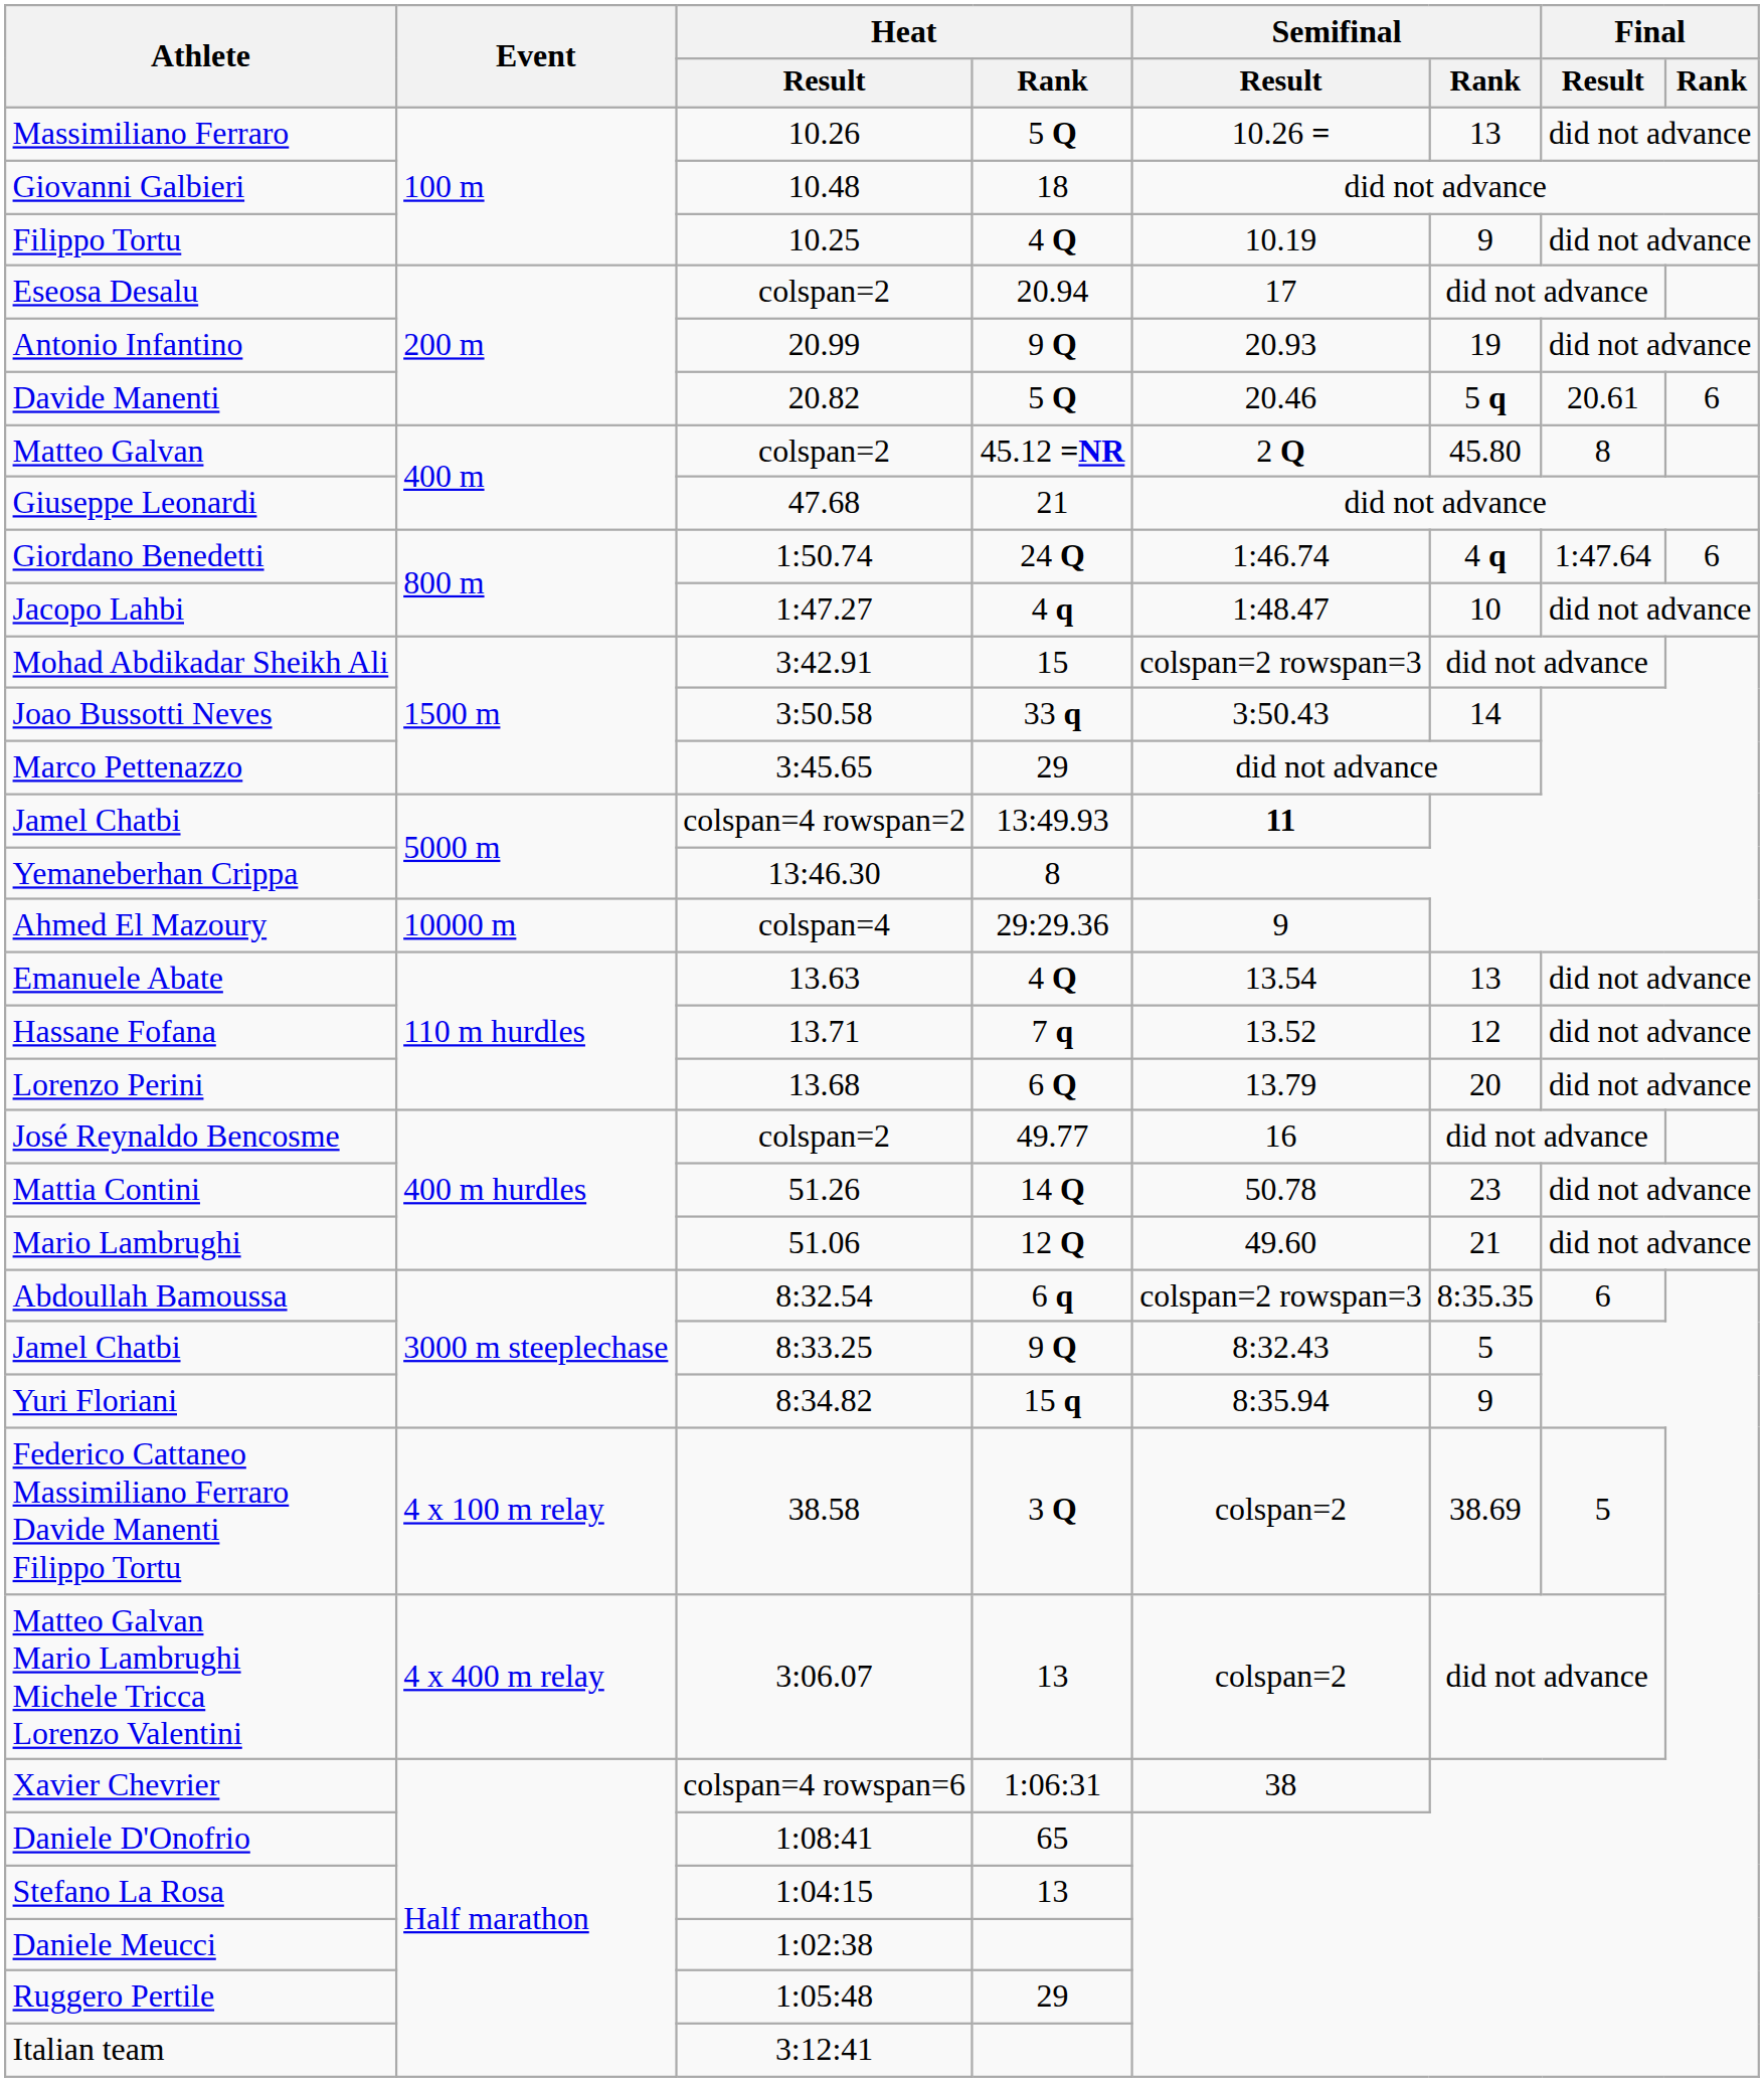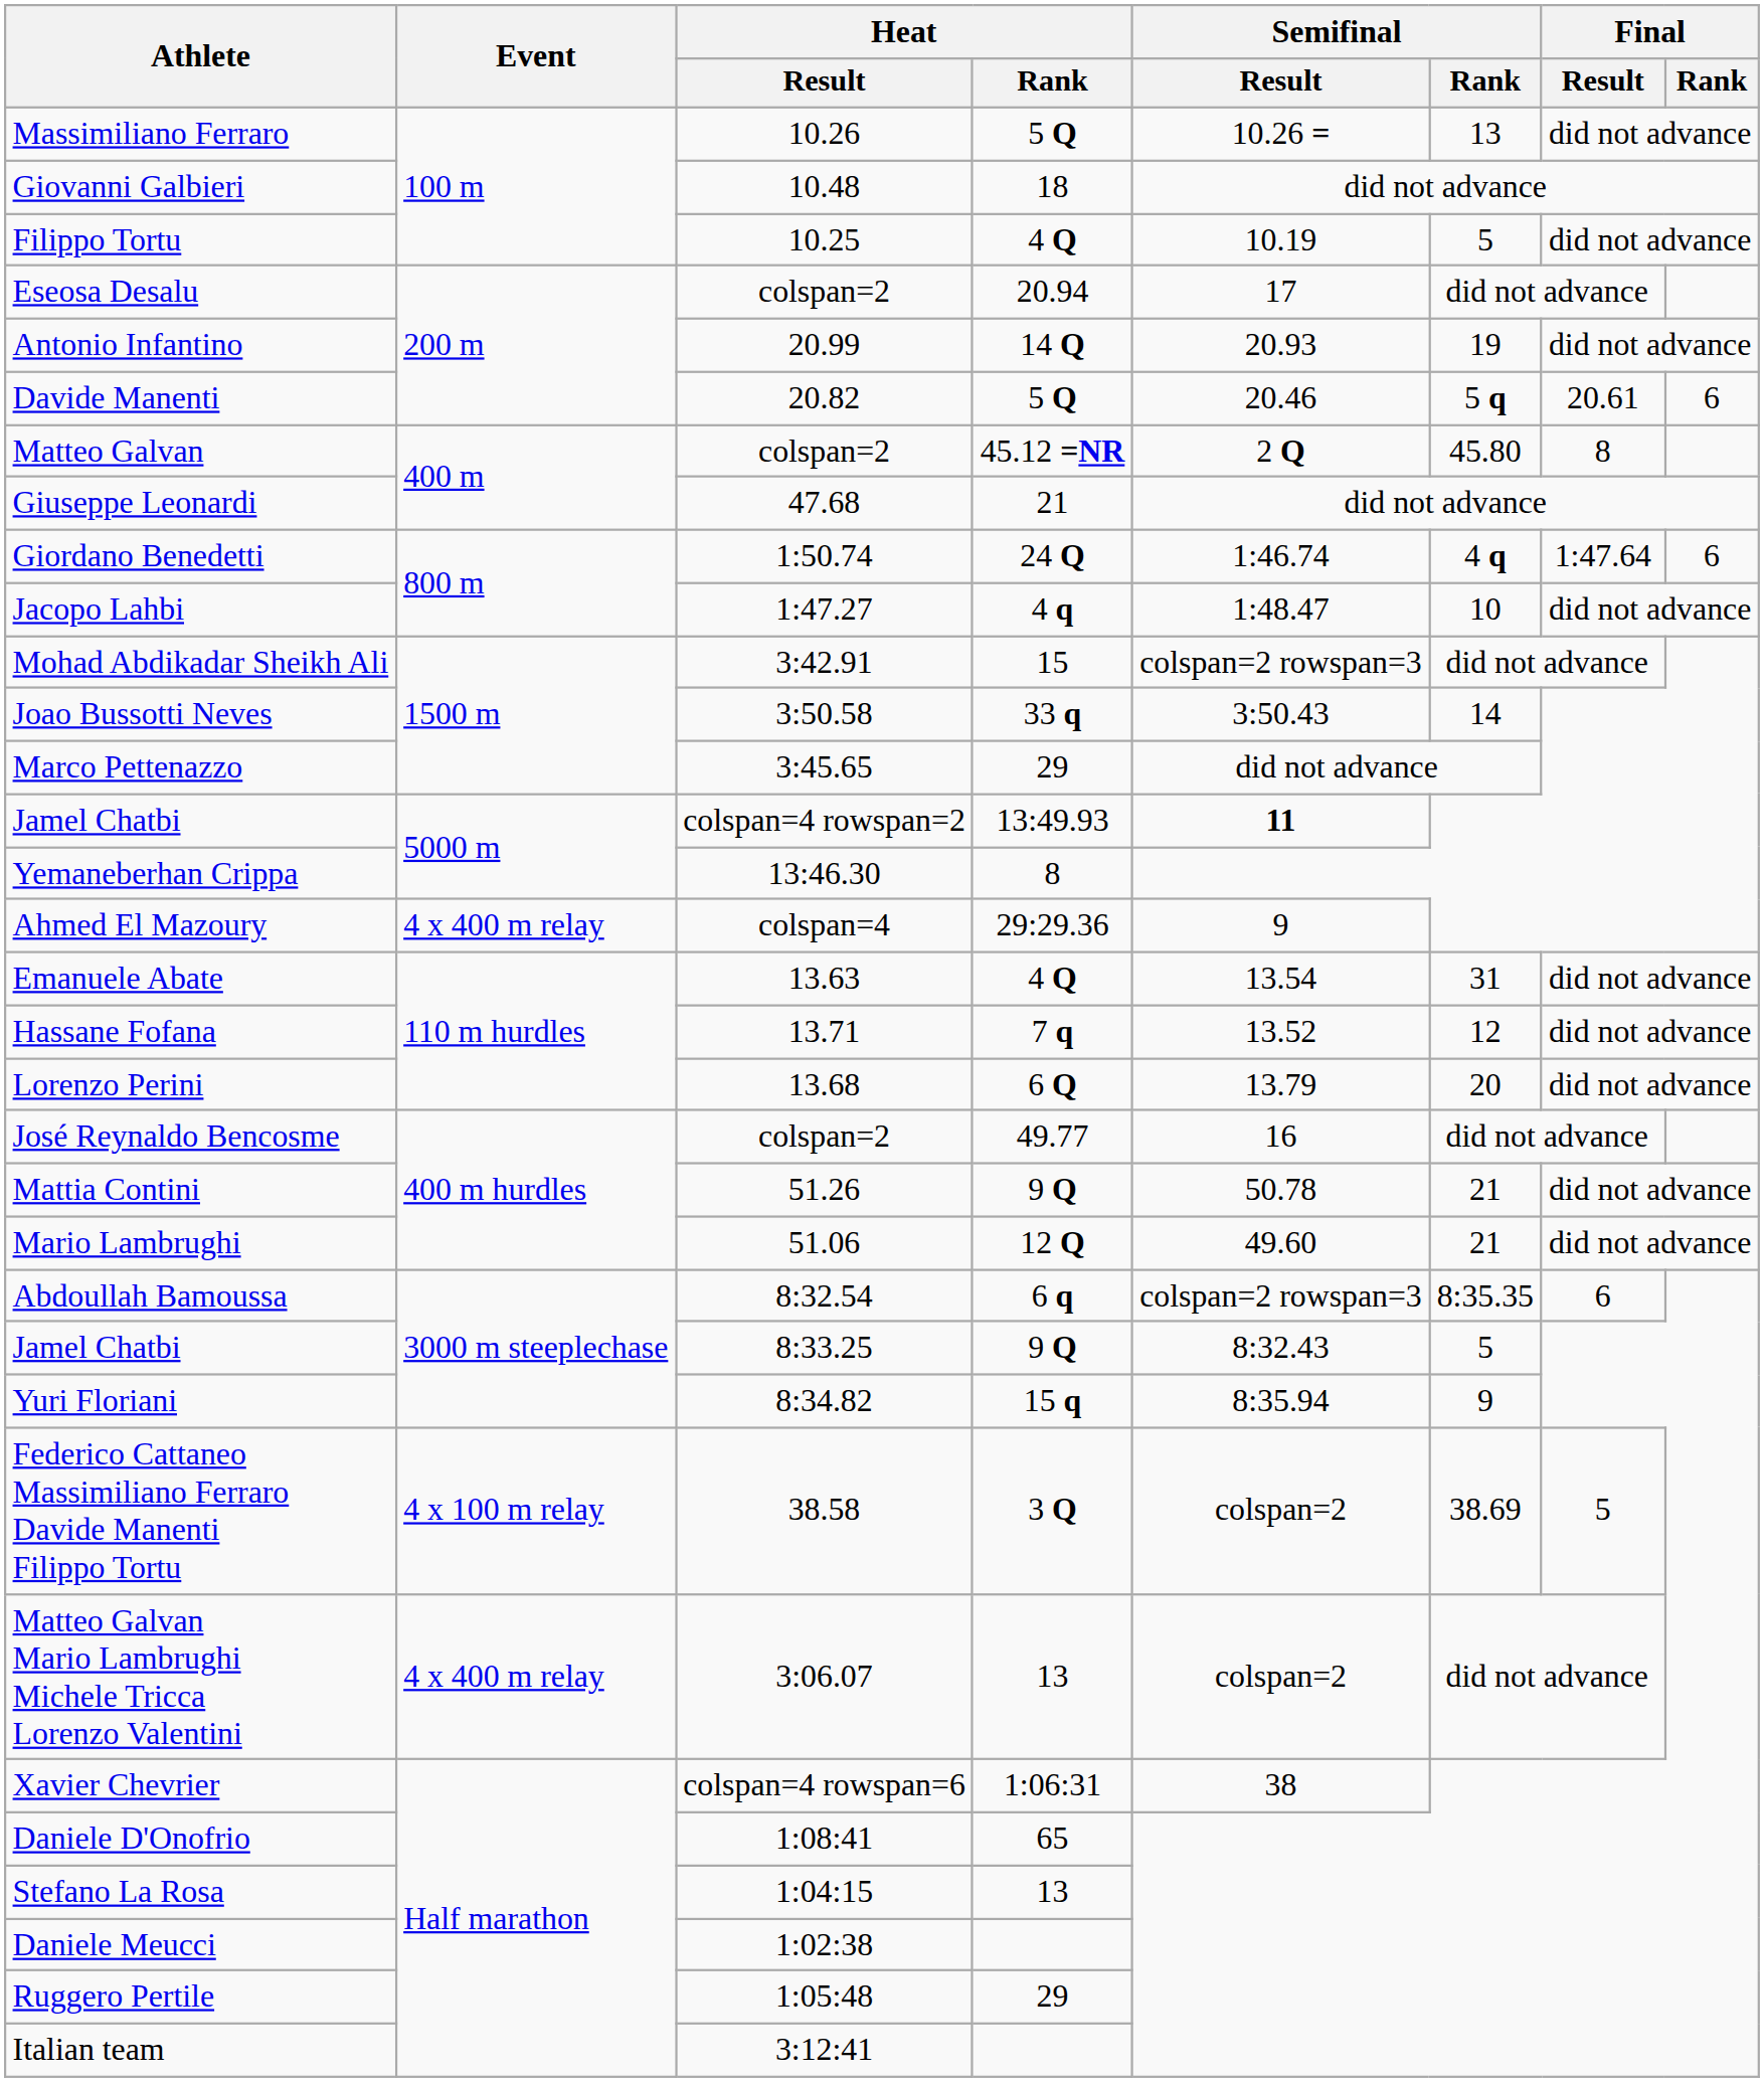 <table class="wikitable" style="font-size:90%">
 <tr>
 <th rowspan=2>Athlete</th>
 <th rowspan=2>Event</th>
 <th colspan=2>Heat</th>
 <th colspan=2>Semifinal</th>
 <th colspan=2>Final</th>
 </tr>
 <tr style="font-size:95%">
 <th>Result</th>
 <th>Rank</th>
 <th>Result</th>
 <th>Rank</th>
 <th>Result</th>
 <th>Rank</th>
 </tr>
 <tr align=center>
 <td align=left><a href='#'>Massimiliano Ferraro</a></td>
 <td style="text-align:left;" rowspan=3><a href='#'>100 m</a></td>
 <td>10.26 <strong></strong></td>
 <td>5 <strong>Q</strong></td>
 <td>10.26 <strong>=</strong></td>
 <td>13</td>
 <td colspan=2>did not advance</td>
 </tr>
 <tr align=center>
 <td align=left><a href='#'>Giovanni Galbieri</a></td>
 <td>10.48</td>
 <td>18</td>
 <td colspan=4>did not advance</td>
 </tr>
 <tr align=center>
 <td align=left><a href='#'>Filippo Tortu</a></td>
 <td>10.25</td>
 <td>4 <strong>Q</strong></td>
 <td>10.19 <strong></strong></td>
-<td>9</td>
+<td>5</td>
 <td colspan=4>did not advance</td>
 </tr>
 <tr align=center>
 <td align=left><a href='#'>Eseosa Desalu</a></td>
 <td style="text-align:left;" rowspan=3><a href='#'>200 m</a></td>
 <td>colspan=2 </td>
 <td>20.94</td>
 <td>17</td>
 <td colspan=2>did not advance</td>
 </tr>
 <tr align=center>
 <td align=left><a href='#'>Antonio Infantino</a></td>
 <td>20.99</td>
-<td>9 <strong>Q</strong></td>
+<td>14 <strong>Q</strong></td>
 <td>20.93</td>
 <td>19</td>
 <td colspan=2>did not advance</td>
 </tr>
 <tr align=center>
 <td align=left><a href='#'>Davide Manenti</a></td>
 <td>20.82</td>
 <td>5 <strong>Q</strong></td>
 <td>20.46</td>
 <td>5 <strong>q</strong></td>
 <td>20.61</td>
 <td>6</td>
 </tr>
 <tr align=center>
 <td align=left><a href='#'>Matteo Galvan</a></td>
 <td style="text-align:left;" rowspan=2><a href='#'>400 m</a></td>
 <td>colspan=2 </td>
 <td>45.12 <strong>=<a href='#'>NR</a></strong></td>
 <td>2 <strong>Q</strong></td>
 <td>45.80</td>
 <td>8</td>
 </tr>
 <tr align=center>
 <td align=left><a href='#'>Giuseppe Leonardi</a></td>
 <td>47.68</td>
 <td>21</td>
 <td colspan=4>did not advance</td>
 </tr>
 <tr align=center>
 <td align=left><a href='#'>Giordano Benedetti</a></td>
 <td style="text-align:left;" rowspan=2><a href='#'>800 m</a></td>
 <td>1:50.74</td>
 <td>24 <strong>Q</strong></td>
 <td>1:46.74</td>
 <td>4 <strong>q</strong></td>
 <td>1:47.64</td>
 <td>6</td>
 </tr>
 <tr align=center>
 <td align=left><a href='#'>Jacopo Lahbi</a></td>
 <td>1:47.27 <strong></strong></td>
 <td>4 <strong>q</strong></td>
 <td>1:48.47</td>
 <td>10</td>
 <td colspan=2>did not advance</td>
 </tr>
 <tr align=center>
 <td align=left><a href='#'>Mohad Abdikadar Sheikh Ali</a></td>
 <td style="text-align:left;" rowspan=3><a href='#'>1500 m</a></td>
 <td>3:42.91</td>
 <td>15</td>
 <td>colspan=2 rowspan=3 </td>
 <td colspan=2>did not advance</td>
 </tr>
 <tr align=center>
 <td align=left><a href='#'>Joao Bussotti Neves</a></td>
 <td>3:50.58</td>
 <td>33 <strong>q</strong></td>
 <td>3:50.43</td>
 <td>14</td>
 </tr>
 <tr align=center>
 <td align=left><a href='#'>Marco Pettenazzo</a></td>
 <td>3:45.65</td>
 <td>29</td>
 <td colspan=2>did not advance</td>
 </tr>
 <tr align=center>
 <td align=left><a href='#'>Jamel Chatbi</a></td>
 <td style="text-align:left;" rowspan=2><a href='#'>5000 m</a></td>
 <td>colspan=4 rowspan=2 </td>
 <td>13:49.93</td>
 <td><strong>11</strong></td>
 </tr>
 <tr align=center>
 <td align=left><a href='#'>Yemaneberhan Crippa</a></td>
 <td>13:46.30</td>
 <td>8</td>
 </tr>
 <tr align=center>
 <td align=left><a href='#'>Ahmed El Mazoury</a></td>
-<td style="text-align:left;"><a href='#'>10000 m</a></td>
+<td style="text-align:left;"><a href='#'>4 x 400 m relay</a></td>
 <td>colspan=4 </td>
 <td>29:29.36</td>
 <td>9</td>
 </tr>
 <tr align=center>
 <td align=left><a href='#'>Emanuele Abate</a></td>
 <td style="text-align:left;" rowspan=3><a href='#'>110 m hurdles</a></td>
 <td>13.63 <strong></strong></td>
 <td>4 <strong>Q</strong></td>
 <td>13.54 <strong></strong></td>
-<td>13</td>
+<td>31</td>
 <td colspan=2>did not advance</td>
 </tr>
 <tr align=center>
 <td align=left><a href='#'>Hassane Fofana</a></td>
 <td>13.71</td>
 <td>7 <strong>q</strong></td>
 <td>13.52 <strong></strong></td>
 <td>12</td>
 <td colspan=2>did not advance</td>
 </tr>
 <tr align=center>
 <td align=left><a href='#'>Lorenzo Perini</a></td>
 <td>13.68</td>
 <td>6 <strong>Q</strong></td>
 <td>13.79</td>
 <td>20</td>
 <td colspan=2>did not advance</td>
 </tr>
 <tr align=center>
 <td align=left><a href='#'>José Reynaldo Bencosme</a></td>
 <td style="text-align:left;" rowspan=3><a href='#'>400 m hurdles</a></td>
 <td>colspan=2 </td>
 <td>49.77</td>
 <td>16</td>
 <td colspan=2>did not advance</td>
 </tr>
 <tr align=center>
 <td align=left><a href='#'>Mattia Contini</a></td>
 <td>51.26</td>
-<td>14 <strong>Q</strong></td>
+<td>9 <strong>Q</strong></td>
 <td>50.78</td>
-<td>23</td>
+<td>21</td>
 <td colspan=2>did not advance</td>
 </tr>
 <tr align=center>
 <td align=left><a href='#'>Mario Lambrughi</a></td>
 <td>51.06</td>
 <td>12 <strong>Q</strong></td>
 <td>49.60 <strong></strong></td>
 <td>21</td>
 <td colspan=2>did not advance</td>
 </tr>
 <tr align=center>
 <td align=left><a href='#'>Abdoullah Bamoussa</a></td>
 <td style="text-align:left;" rowspan=3><a href='#'>3000 m steeplechase</a></td>
 <td>8:32.54 <strong></strong></td>
 <td>6 <strong>q</strong></td>
 <td>colspan=2 rowspan=3 </td>
 <td>8:35.35</td>
 <td>6</td>
 </tr>
 <tr align=center>
 <td align=left><a href='#'>Jamel Chatbi</a></td>
 <td>8:33.25</td>
 <td>9 <strong>Q</strong></td>
 <td>8:32.43</td>
 <td>5</td>
 </tr>
 <tr align=center>
 <td align=left><a href='#'>Yuri Floriani</a></td>
 <td>8:34.82</td>
 <td>15 <strong>q</strong></td>
 <td>8:35.94</td>
 <td>9</td>
 </tr>
 <tr align=center>
 <td align=left><a href='#'>Federico Cattaneo</a><br><a href='#'>Massimiliano Ferraro</a><br><a href='#'>Davide Manenti</a><br><a href='#'>Filippo Tortu</a></td>
 <td style="text-align:left;"><a href='#'>4 x 100 m relay</a></td>
 <td>38.58 <strong></strong></td>
 <td>3 <strong>Q</strong></td>
 <td>colspan=2 </td>
 <td>38.69</td>
 <td>5</td>
 </tr>
 <tr align=center>
 <td align=left><a href='#'>Matteo Galvan</a><br><a href='#'>Mario Lambrughi</a><br><a href='#'>Michele Tricca</a><br><a href='#'>Lorenzo Valentini</a></td>
 <td style="text-align:left;"><a href='#'>4 x 400 m relay</a></td>
 <td>3:06.07 <strong></strong></td>
 <td>13</td>
 <td>colspan=2 </td>
 <td colspan=2>did not advance</td>
 </tr>
 <tr align=center>
 <td align=left><a href='#'>Xavier Chevrier</a></td>
 <td style="text-align:left;" rowspan=6><a href='#'>Half marathon</a></td>
 <td>colspan=4 rowspan=6 </td>
 <td>1:06:31</td>
 <td>38</td>
 </tr>
 <tr align=center>
 <td align=left><a href='#'>Daniele D'Onofrio</a></td>
 <td>1:08:41</td>
 <td>65</td>
 </tr>
 <tr align=center>
 <td align=left><a href='#'>Stefano La Rosa</a></td>
 <td>1:04:15</td>
 <td>13</td>
 </tr>
 <tr align=center>
 <td align=left><a href='#'>Daniele Meucci</a></td>
 <td>1:02:38 <strong></strong></td>
 <td></td>
 </tr>
 <tr align=center>
 <td align=left><a href='#'>Ruggero Pertile</a></td>
 <td>1:05:48</td>
 <td>29</td>
 </tr>
 <tr align=center>
 <td align=left>Italian team</td>
 <td>3:12:41</td>
 <td></td>
 </tr>
 </table>
